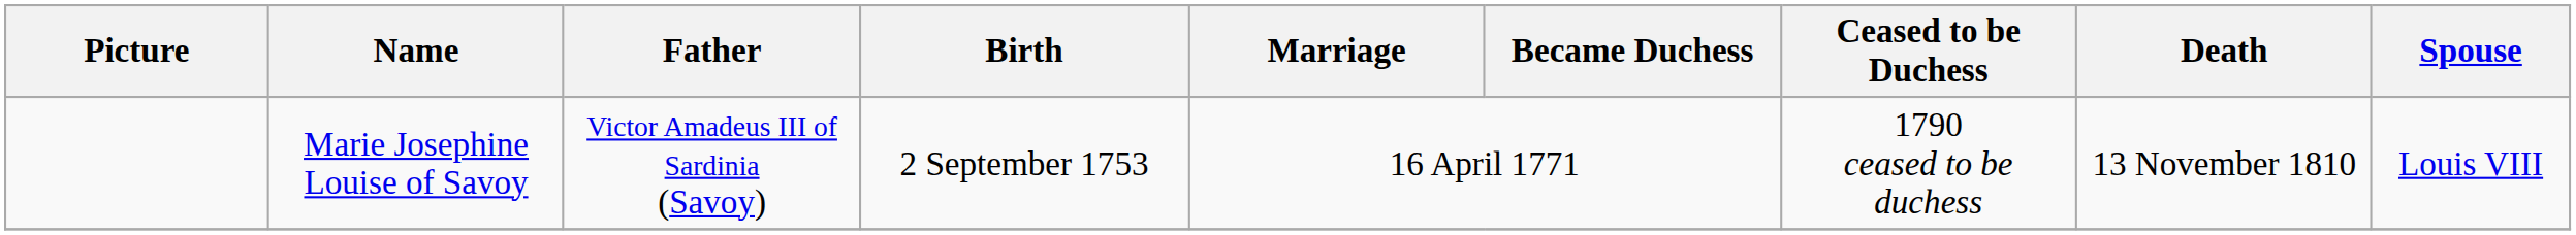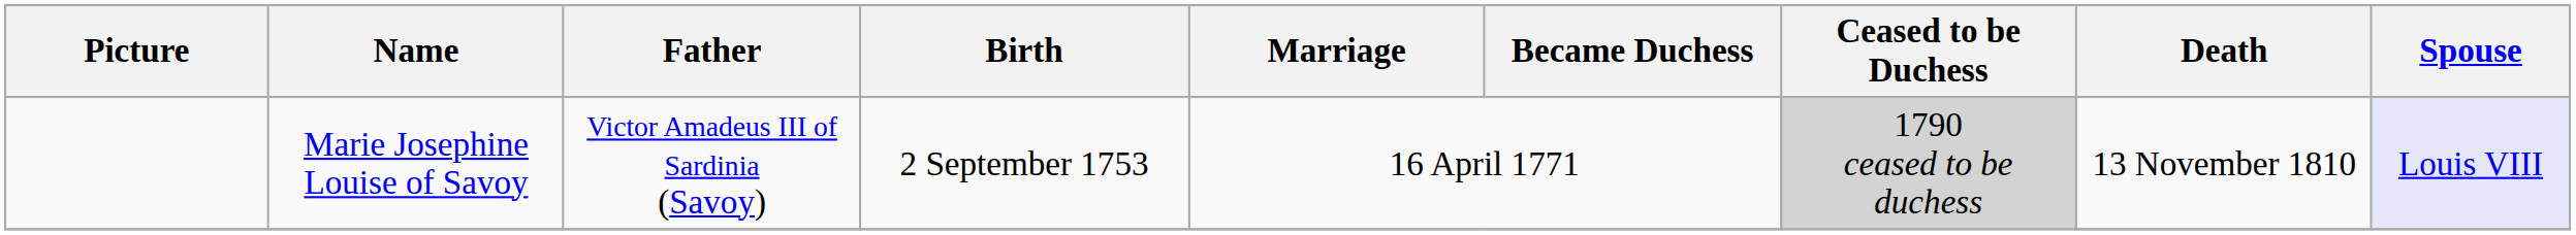 <table width=95% class="wikitable">
 <tr>
 <th width = "8%">Picture</th>
 <th width = "9%">Name</th>
 <th width = "9%">Father</th>
 <th width = "10%">Birth</th>
 <th width = "9%">Marriage</th>
 <th width = "9%">Became Duchess</th>
 <th width = "9%">Ceased to be Duchess</th>
 <th width = "9%">Death</th>
 <th width = "6%"><a href='#'>Spouse</a></th>
 </tr>
 <tr>
 <td align="center"></td>
 <td align="center"><a href='#'>Marie Josephine Louise of Savoy</a></td>
 <td align="center"><small><a href='#'>Victor Amadeus III of Sardinia</a></small><br> (<a href='#'>Savoy</a>)</td>
 <td align="center">2 September 1753</td>
 <td align="center" colspan="2">16 April 1771</td>
-<td align="center">1790<br><em>ceased to be duchess</em></td>
+<td align="center" style="background: lightgrey;">1790<br><em>ceased to be duchess</em></td>
 <td align="center">13 November 1810</td>
-<td align="center"><a href='#'>Louis VIII</a></td>
+<td align="center" style="background: lavender;"><a href='#'>Louis VIII</a></td>
 </tr>
 <tr>
 </tr>
 </table>
